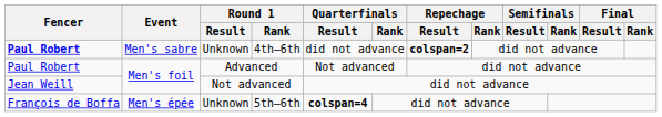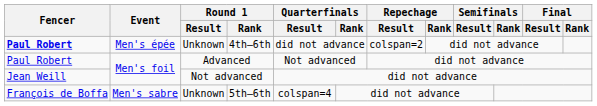 <table class=wikitable>
 <tr>
 <th rowspan=2>Fencer</th>
 <th rowspan=2>Event</th>
 <th colspan=2>Round 1</th>
 <th colspan=2>Quarterfinals</th>
 <th colspan=2>Repechage</th>
 <th colspan=2>Semifinals</th>
 <th colspan=2>Final</th>
 </tr>
 <tr>
 <th>Result</th>
 <th>Rank</th>
 <th>Result</th>
 <th>Rank</th>
 <th>Result</th>
 <th>Rank</th>
 <th>Result</th>
 <th>Rank</th>
 <th>Result</th>
 <th>Rank</th>
 </tr>
 <tr align=center>
 <td align=left><strong><a href='#'>Paul Robert</a></strong></td>
-<td><a href='#'>Men's sabre</a></td>
+<td><a href='#'>Men's épée</a></td>
 <td>Unknown</td>
 <td>4th–6th</td>
 <td colspan=2>did not advance</td>
-<td><strong>colspan=2 </strong></td>
+<td>colspan=2 </td>
 <td colspan=4>did not advance</td>
 </tr>
 <tr align=center>
 <td align=left><a href='#'>Paul Robert</a></td>
 <td rowspan=2><a href='#'>Men's foil</a></td>
 <td colspan=2>Advanced</td>
 <td colspan=2>Not advanced</td>
 <td colspan=6>did not advance</td>
 </tr>
 <tr align=center>
 <td align=left><a href='#'>Jean Weill</a></td>
 <td colspan=2>Not advanced</td>
 <td colspan=8>did not advance</td>
 </tr>
 <tr align=center>
 <td align=left><a href='#'>François de Boffa</a></td>
-<td><a href='#'>Men's épée</a></td>
+<td><a href='#'>Men's sabre</a></td>
 <td>Unknown</td>
 <td>5th–6th</td>
-<td><strong>colspan=4 </strong></td>
+<td>colspan=4 </td>
 <td colspan=4>did not advance</td>
 </tr>
 </table>
